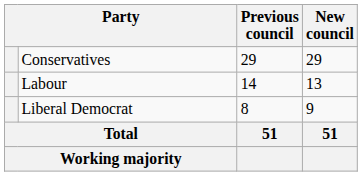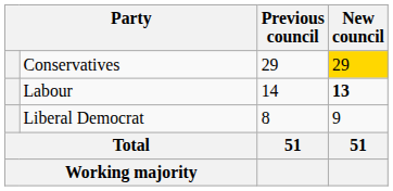 <table class="wikitable">
 <tr>
 <th valign=top colspan="2" style="width: 230px">Party</th>
 <th valign=top style="width: 30px">Previous council</th>
 <th valign=top style="width: 30px">New council</th>
 </tr>
 <tr>
 <th style="background-color: "></th>
 <td>Conservatives</td>
 <td>29</td>
-<td>29</td>
+<td style="background: gold;">29</td>
 </tr>
 <tr>
 <th style="background-color: "></th>
 <td>Labour</td>
 <td>14</td>
-<td>13</td>
+<td><strong>13</strong></td>
 </tr>
 <tr>
 <th style="background-color: "></th>
 <td>Liberal Democrat</td>
 <td>8</td>
 <td>9</td>
 </tr>
 <tr>
 <th colspan=2>Total</th>
 <th style="text-align: center">51</th>
 <th colspan=3>51</th>
 </tr>
 <tr>
 <th colspan=2>Working majority</th>
 <th></th>
 <th></th>
 </tr>
 </table>
